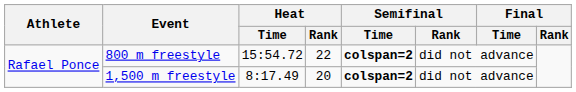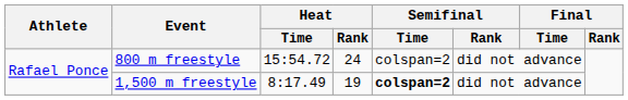 <table class="wikitable" style="text-align:center; font-size:90%">
 <tr>
 <th rowspan="2">Athlete</th>
 <th rowspan="2">Event</th>
 <th colspan="2">Heat</th>
 <th colspan="2">Semifinal</th>
 <th colspan="2">Final</th>
 </tr>
 <tr style="font-size:95%">
 <th>Time</th>
 <th>Rank</th>
 <th>Time</th>
 <th>Rank</th>
 <th>Time</th>
 <th>Rank</th>
 </tr>
 <tr>
 <td align=left rowspan=2><a href='#'>Rafael Ponce</a></td>
 <td align=left><a href='#'>800 m freestyle</a></td>
 <td>15:54.72</td>
-<td>22</td>
-<td><strong>colspan=2 </strong></td>
+<td>24</td>
+<td>colspan=2 </td>
 <td colspan=2>did not advance</td>
 </tr>
 <tr>
 <td align=left><a href='#'>1,500 m freestyle</a></td>
 <td>8:17.49</td>
-<td>20</td>
+<td>19</td>
 <td><strong>colspan=2 </strong></td>
 <td colspan=2>did not advance</td>
 </tr>
 </table>
